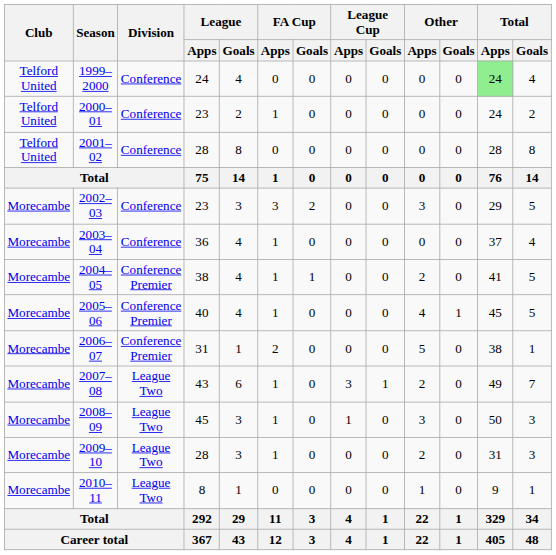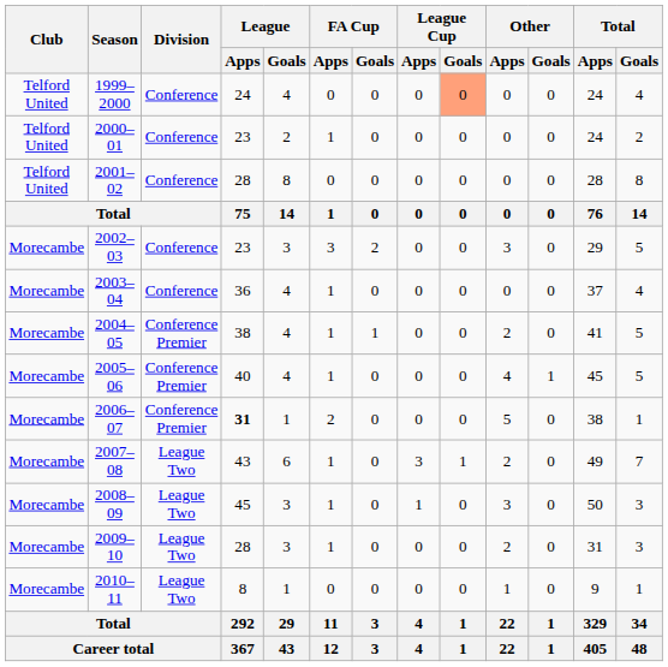 <table class="wikitable" style="text-align:center">
 <tr>
 <th rowspan="2">Club</th>
 <th rowspan="2">Season</th>
 <th rowspan="2">Division</th>
 <th colspan="2">League</th>
 <th colspan="2">FA Cup</th>
 <th colspan="2">League Cup</th>
 <th colspan="2">Other</th>
 <th colspan="2">Total</th>
 </tr>
 <tr>
 <th>Apps</th>
 <th>Goals</th>
 <th>Apps</th>
 <th>Goals</th>
 <th>Apps</th>
 <th>Goals</th>
 <th>Apps</th>
 <th>Goals</th>
 <th>Apps</th>
 <th>Goals</th>
 </tr>
 <tr>
 <td><a href='#'>Telford United</a></td>
 <td><a href='#'>1999–2000</a></td>
 <td><a href='#'>Conference</a></td>
 <td>24</td>
 <td>4</td>
 <td>0</td>
 <td>0</td>
 <td>0</td>
+<td style="background: lightsalmon;">0</td>
 <td>0</td>
 <td>0</td>
-<td>0</td>
-<td style="background: lightgreen;">24</td>
+<td>24</td>
 <td>4</td>
 </tr>
 <tr>
 <td><a href='#'>Telford United</a></td>
 <td><a href='#'>2000–01</a></td>
 <td><a href='#'>Conference</a></td>
 <td>23</td>
 <td>2</td>
 <td>1</td>
 <td>0</td>
 <td>0</td>
 <td>0</td>
 <td>0</td>
 <td>0</td>
 <td>24</td>
 <td>2</td>
 </tr>
 <tr>
 <td><a href='#'>Telford United</a></td>
 <td><a href='#'>2001–02</a></td>
 <td><a href='#'>Conference</a></td>
 <td>28</td>
 <td>8</td>
 <td>0</td>
 <td>0</td>
 <td>0</td>
 <td>0</td>
 <td>0</td>
 <td>0</td>
 <td>28</td>
 <td>8</td>
 </tr>
 <tr>
 <th colspan="3">Total</th>
 <th>75</th>
 <th>14</th>
 <th>1</th>
 <th>0</th>
 <th>0</th>
 <th>0</th>
 <th>0</th>
 <th>0</th>
 <th>76</th>
 <th>14</th>
 </tr>
 <tr>
 <td><a href='#'>Morecambe</a></td>
 <td><a href='#'>2002–03</a></td>
 <td><a href='#'>Conference</a></td>
 <td>23</td>
 <td>3</td>
 <td>3</td>
 <td>2</td>
 <td>0</td>
 <td>0</td>
 <td>3</td>
 <td>0</td>
 <td>29</td>
 <td>5</td>
 </tr>
 <tr>
 <td><a href='#'>Morecambe</a></td>
 <td><a href='#'>2003–04</a></td>
 <td><a href='#'>Conference</a></td>
 <td>36</td>
 <td>4</td>
 <td>1</td>
 <td>0</td>
 <td>0</td>
 <td>0</td>
 <td>0</td>
 <td>0</td>
 <td>37</td>
 <td>4</td>
 </tr>
 <tr>
 <td><a href='#'>Morecambe</a></td>
 <td><a href='#'>2004–05</a></td>
 <td><a href='#'>Conference Premier</a></td>
 <td>38</td>
 <td>4</td>
 <td>1</td>
 <td>1</td>
 <td>0</td>
 <td>0</td>
 <td>2</td>
 <td>0</td>
 <td>41</td>
 <td>5</td>
 </tr>
 <tr>
 <td><a href='#'>Morecambe</a></td>
 <td><a href='#'>2005–06</a></td>
 <td><a href='#'>Conference Premier</a></td>
 <td>40</td>
 <td>4</td>
 <td>1</td>
 <td>0</td>
 <td>0</td>
 <td>0</td>
 <td>4</td>
 <td>1</td>
 <td>45</td>
 <td>5</td>
 </tr>
 <tr>
 <td><a href='#'>Morecambe</a></td>
 <td><a href='#'>2006–07</a></td>
 <td><a href='#'>Conference Premier</a></td>
-<td>31</td>
+<td><strong>31</strong></td>
 <td>1</td>
 <td>2</td>
 <td>0</td>
 <td>0</td>
 <td>0</td>
 <td>5</td>
 <td>0</td>
 <td>38</td>
 <td>1</td>
 </tr>
 <tr>
 <td><a href='#'>Morecambe</a></td>
 <td><a href='#'>2007–08</a></td>
 <td><a href='#'>League Two</a></td>
 <td>43</td>
 <td>6</td>
 <td>1</td>
 <td>0</td>
 <td>3</td>
 <td>1</td>
 <td>2</td>
 <td>0</td>
 <td>49</td>
 <td>7</td>
 </tr>
 <tr>
 <td><a href='#'>Morecambe</a></td>
 <td><a href='#'>2008–09</a></td>
 <td><a href='#'>League Two</a></td>
 <td>45</td>
 <td>3</td>
 <td>1</td>
 <td>0</td>
 <td>1</td>
 <td>0</td>
 <td>3</td>
 <td>0</td>
 <td>50</td>
 <td>3</td>
 </tr>
 <tr>
 <td><a href='#'>Morecambe</a></td>
 <td><a href='#'>2009–10</a></td>
 <td><a href='#'>League Two</a></td>
 <td>28</td>
 <td>3</td>
 <td>1</td>
 <td>0</td>
 <td>0</td>
 <td>0</td>
 <td>2</td>
 <td>0</td>
 <td>31</td>
 <td>3</td>
 </tr>
 <tr>
 <td><a href='#'>Morecambe</a></td>
 <td><a href='#'>2010–11</a></td>
 <td><a href='#'>League Two</a></td>
 <td>8</td>
 <td>1</td>
 <td>0</td>
 <td>0</td>
 <td>0</td>
 <td>0</td>
 <td>1</td>
 <td>0</td>
 <td>9</td>
 <td>1</td>
 </tr>
 <tr>
 <th colspan="3">Total</th>
 <th>292</th>
 <th>29</th>
 <th>11</th>
 <th>3</th>
 <th>4</th>
 <th>1</th>
 <th>22</th>
 <th>1</th>
 <th>329</th>
 <th>34</th>
 </tr>
 <tr>
 <th colspan="3">Career total</th>
 <th>367</th>
 <th>43</th>
 <th>12</th>
 <th>3</th>
 <th>4</th>
 <th>1</th>
 <th>22</th>
 <th>1</th>
 <th>405</th>
 <th>48</th>
 </tr>
 </table>
